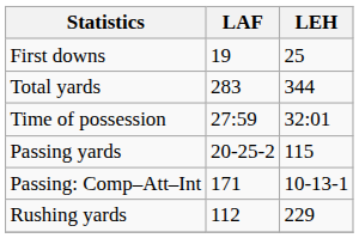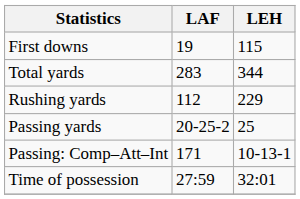 <table class="wikitable" style="float: left;">
 <tr>
 <th>Statistics</th>
 <th>LAF</th>
 <th>LEH</th>
 </tr>
 <tr>
 <td>First downs</td>
 <td>19</td>
-<td>25</td>
+<td>115</td>
 </tr>
 <tr>
 <td>Total yards</td>
 <td>283</td>
 <td>344</td>
 </tr>
 <tr>
-<td>Time of possession</td>
-<td>27:59</td>
-<td>32:01</td>
+<td>Rushing yards</td>
+<td>112</td>
+<td>229</td>
 </tr>
 <tr>
 <td>Passing yards</td>
 <td>20-25-2</td>
-<td>115</td>
+<td>25</td>
 </tr>
 <tr>
 <td>Passing: Comp–Att–Int</td>
 <td>171</td>
 <td>10-13-1</td>
 </tr>
 <tr>
-<td>Rushing yards</td>
-<td>112</td>
-<td>229</td>
+<td>Time of possession</td>
+<td>27:59</td>
+<td>32:01</td>
 </tr>
 <tr>
 </tr>
 </table>
